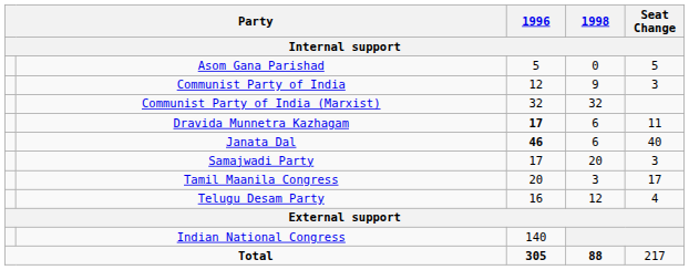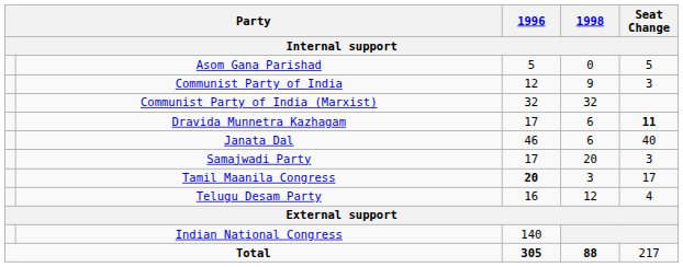 <table class="wikitable sortable" style="text-align:center;width:60%;margin-top:0.5em;">
 <tr>
 <th colspan="2" style="width:30px;">Party</th>
 <th style="width:60px;"><a href='#'>1996</a><br></th>
 <th style="width:60px;"><a href='#'>1998</a><br></th>
 <th style="width:60px;">Seat Change</th>
 </tr>
 <tr style="text-align:center;">
 <th colspan=5>Internal support</th>
 </tr>
 <tr style="text-align:center;">
 <td style="background-color:"></td>
 <td><a href='#'>Asom Gana Parishad</a></td>
 <td>5</td>
 <td>0</td>
 <td> 5</td>
 </tr>
 <tr style="text-align:center;">
 <td style="background-color:"></td>
 <td><a href='#'>Communist Party of India</a></td>
 <td>12</td>
 <td>9</td>
 <td> 3</td>
 </tr>
 <tr style="text-align:center;">
 <td style="background-color:"></td>
 <td><a href='#'>Communist Party of India (Marxist)</a></td>
 <td>32</td>
 <td>32</td>
 <td></td>
 </tr>
 <tr style="text-align:center;">
 <td style="background-color:"></td>
 <td><a href='#'>Dravida Munnetra Kazhagam</a></td>
-<td><strong>17</strong></td>
+<td>17</td>
 <td>6</td>
-<td> 11</td>
+<td><strong> 11</strong></td>
 </tr>
 <tr style="text-align:center;">
 <td style="background-color:"></td>
 <td><a href='#'>Janata Dal</a></td>
-<td><strong>46</strong></td>
+<td>46</td>
 <td>6</td>
 <td> 40</td>
 </tr>
 <tr style="text-align:center;">
 <td style="background-color:"></td>
 <td><a href='#'>Samajwadi Party</a></td>
 <td>17</td>
 <td>20</td>
 <td> 3</td>
 </tr>
 <tr style="text-align:center;">
 <td style="background-color:"></td>
 <td><a href='#'>Tamil Maanila Congress</a></td>
-<td>20</td>
+<td><strong>20</strong></td>
 <td>3</td>
 <td> 17</td>
 </tr>
 <tr style="text-align:center;">
 <td style="background-color:"></td>
 <td><a href='#'>Telugu Desam Party</a></td>
 <td>16</td>
 <td>12</td>
 <td> 4</td>
 </tr>
 <tr style="text-align:center;">
 <th colspan=5>External support</th>
 </tr>
 <tr style="text-align:center;">
 <td style="background-color:"></td>
 <td><a href='#'>Indian National Congress</a></td>
 <td>140</td>
 <th colspan=2></th>
 </tr>
 <tr style="text-align:center;">
 <td colspan=2><strong>Total</strong></td>
 <td><strong>305</strong></td>
 <td><strong>88</strong></td>
 <td> 217</td>
 </tr>
 </table>
